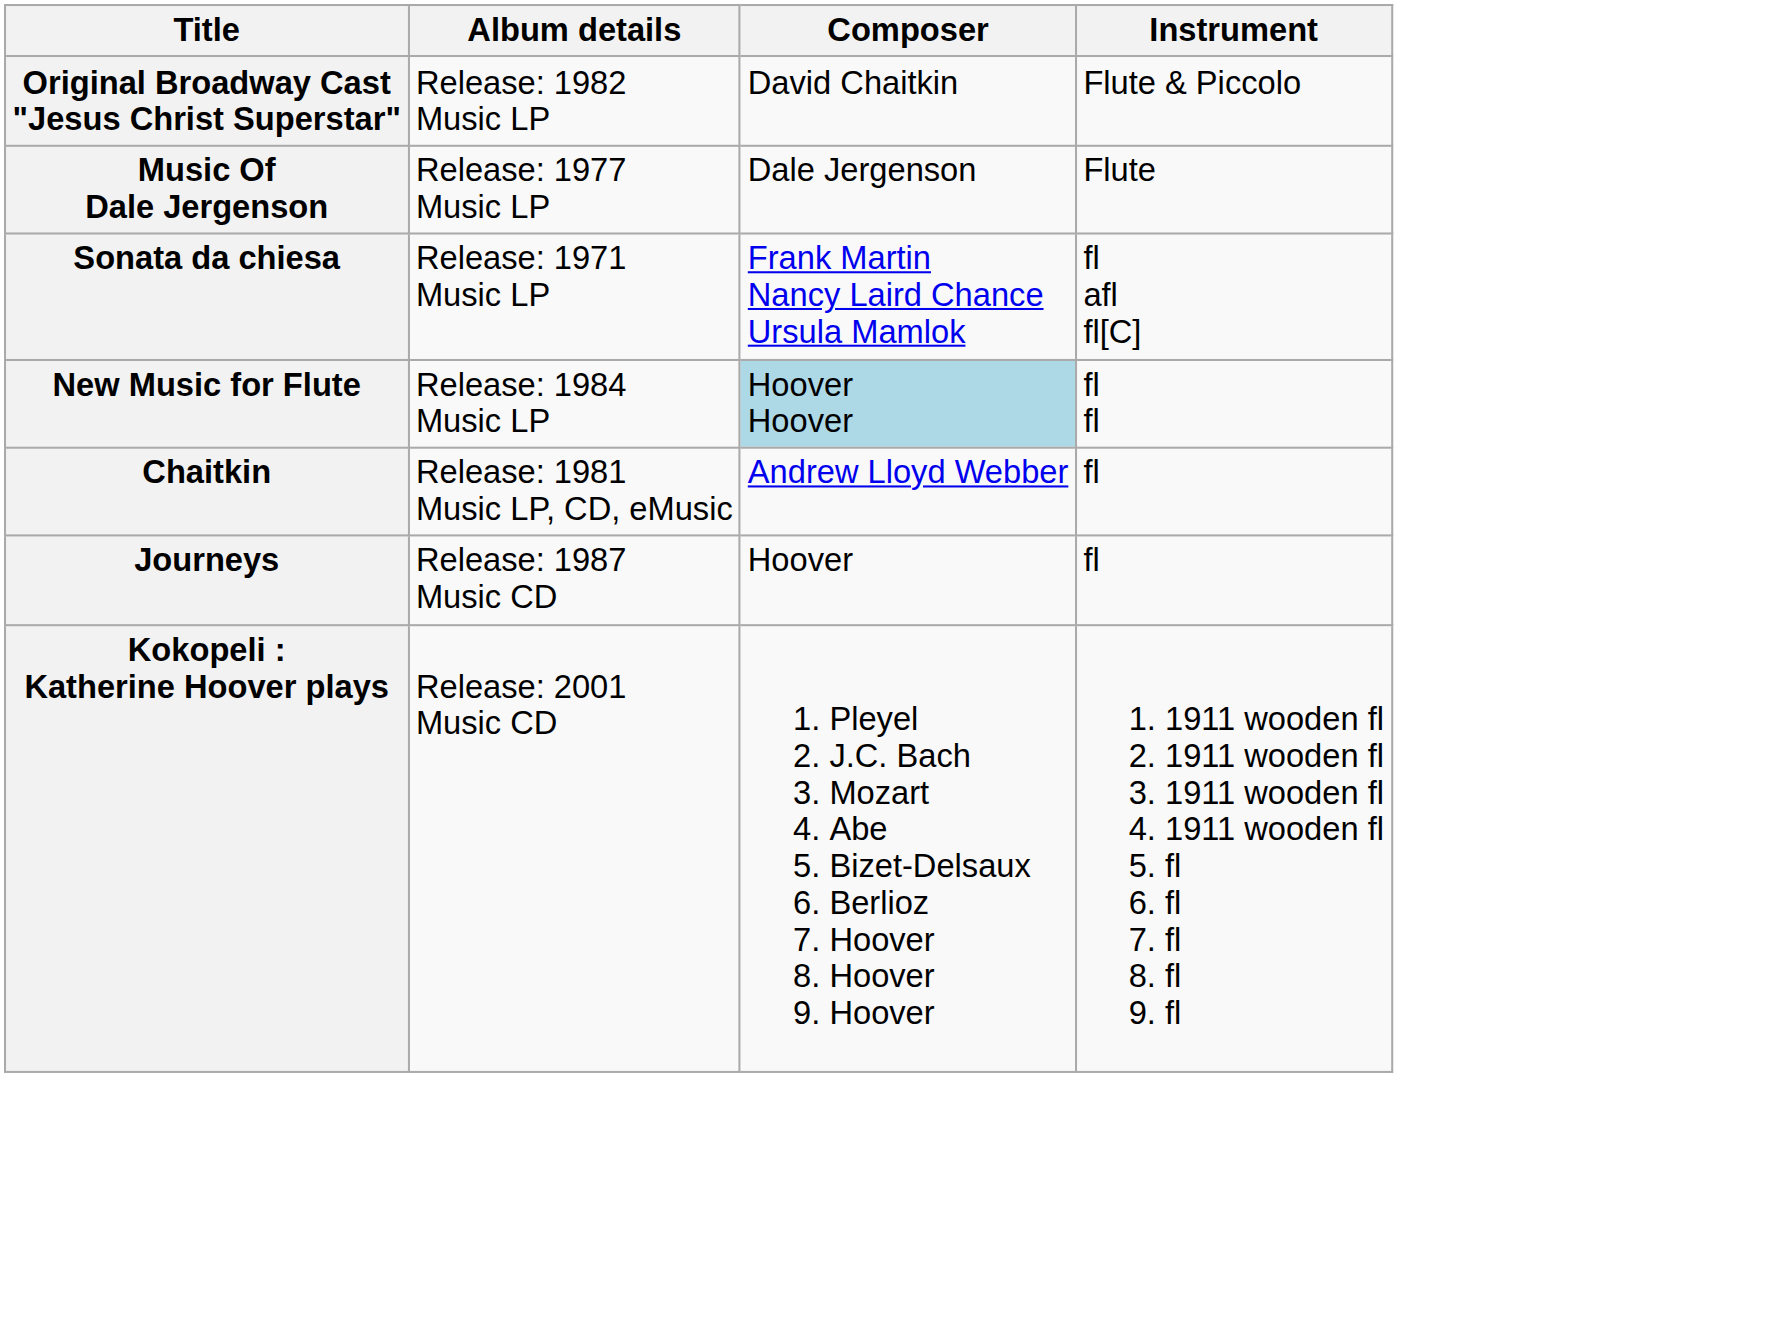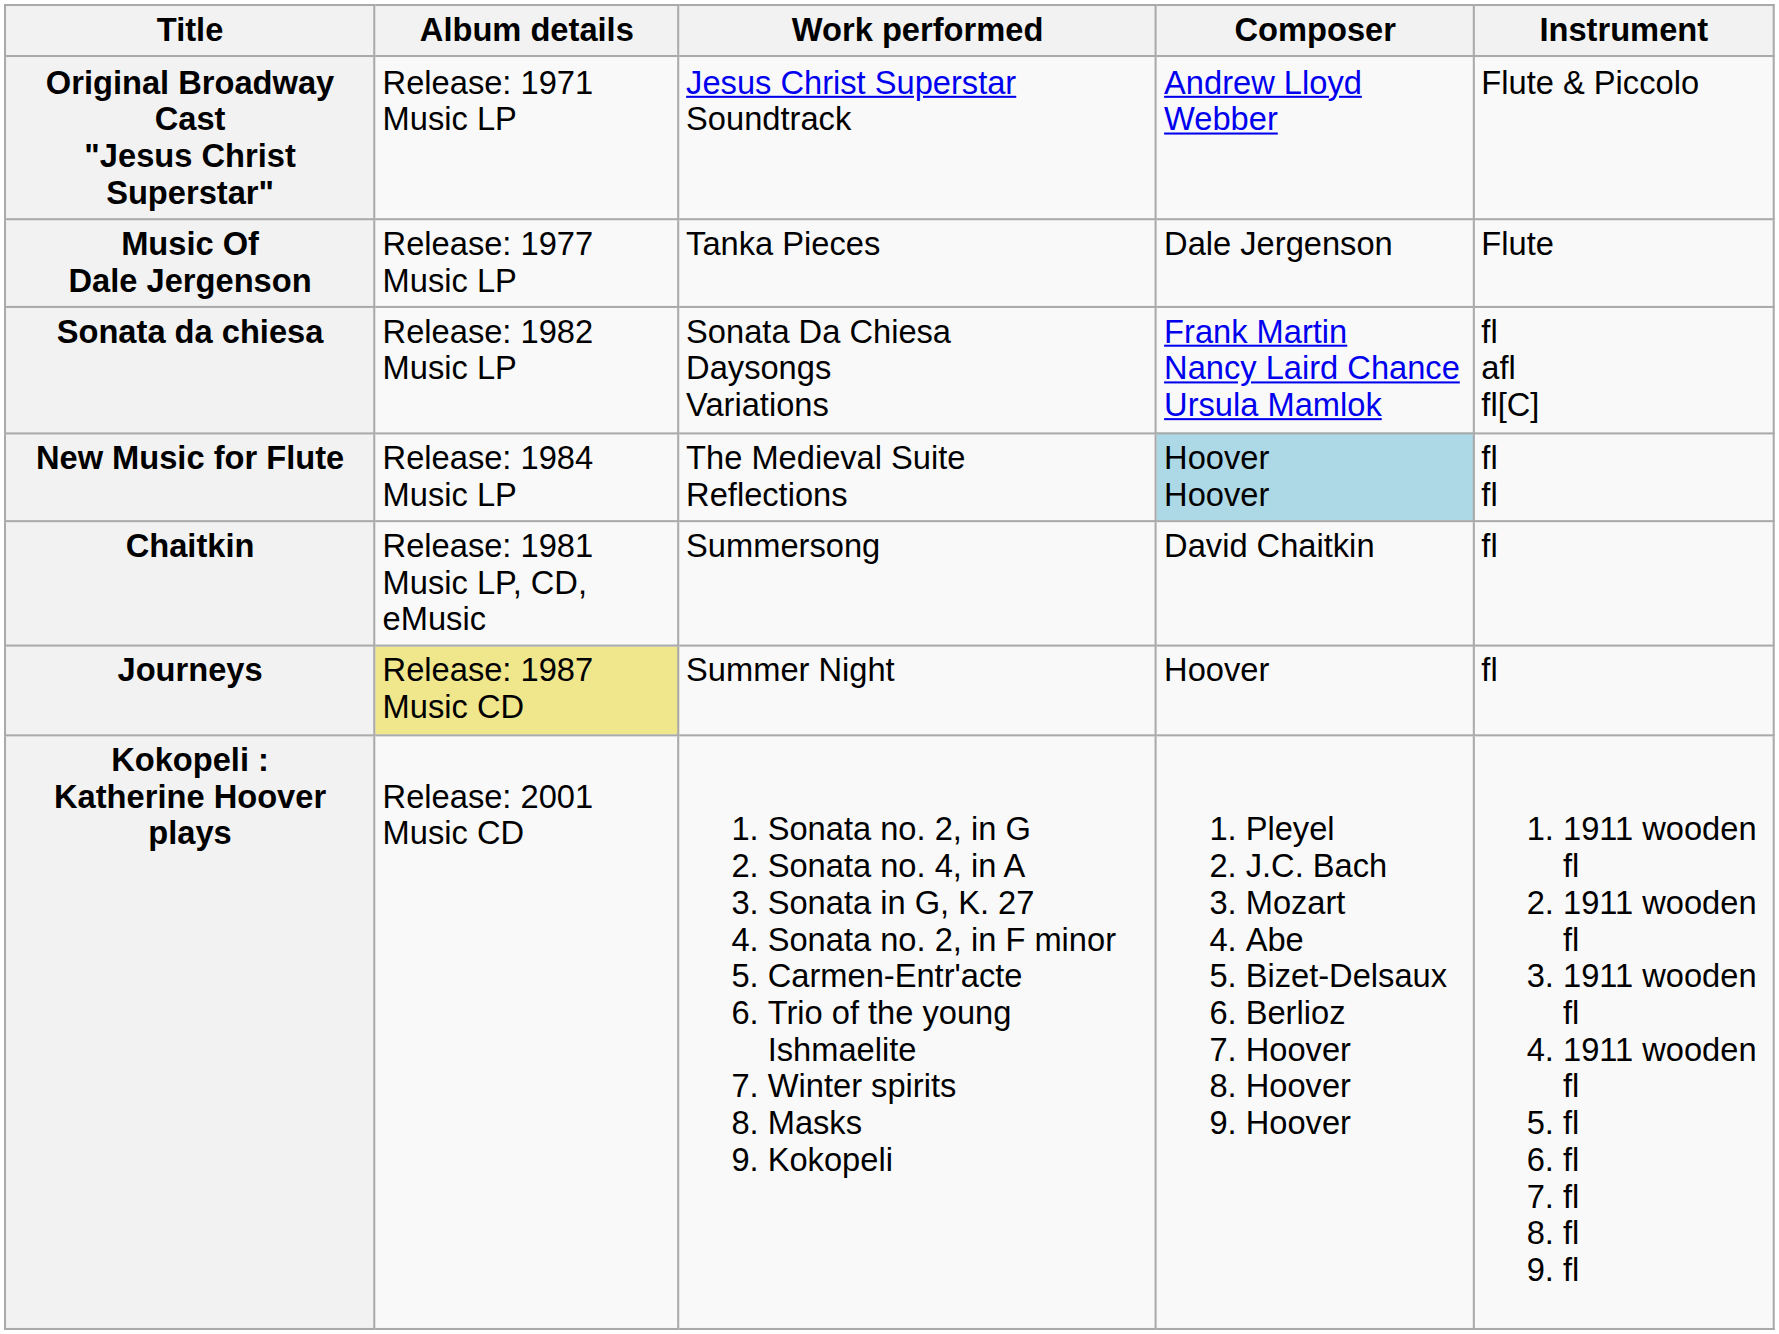 <table class="wikitable plainrowheaders" style="text-align:left;">
 <tr>
 <th scope="col">Title</th>
 <th scope="col">Album details</th>
+<th scope="col">Work performed</th>
 <th scope="col">Composer</th>
 <th scope="col">Instrument</th>
 </tr>
 <tr valign="top">
 <th scope="col">Original Broadway Cast<br>"Jesus Christ Superstar"</th>
-<td>Release: 1982<br>Music LP</td>
-<td>David Chaitkin</td>
+<td>Release: 1971<br>Music LP</td>
+<td><a href='#'>Jesus Christ Superstar</a> Soundtrack</td>
+<td><a href='#'>Andrew Lloyd Webber</a></td>
 <td>Flute & Piccolo</td>
 </tr>
 <tr valign="top">
 <th scope="col">Music Of<br>Dale Jergenson</th>
 <td>Release: 1977<br>Music LP</td>
+<td>Tanka Pieces</td>
 <td>Dale Jergenson</td>
 <td>Flute</td>
 </tr>
 <tr valign="top">
 <th scope="col">Sonata da chiesa</th>
-<td>Release: 1971<br>Music LP</td>
+<td>Release: 1982<br>Music LP</td>
+<td>Sonata Da Chiesa<br>Daysongs<br>Variations</td>
 <td><a href='#'>Frank Martin</a><br><a href='#'>Nancy Laird Chance</a><br><a href='#'>Ursula Mamlok</a></td>
 <td>fl<br>afl<br>fl[C]</td>
 </tr>
 <tr valign="top">
 <th scope="col">New Music for Flute</th>
 <td>Release: 1984<br>Music LP</td>
+<td>The Medieval Suite<br>Reflections</td>
 <td style="background: lightblue;">Hoover<br>Hoover</td>
 <td>fl<br>fl</td>
 </tr>
 <tr valign="top">
 <th scope="col">Chaitkin</th>
 <td>Release: 1981<br>Music LP, CD, eMusic</td>
-<td><a href='#'>Andrew Lloyd Webber</a></td>
+<td>Summersong</td>
+<td>David Chaitkin</td>
 <td>fl</td>
 </tr>
 <tr valign="top">
 <th scope="col">Journeys</th>
-<td>Release: 1987<br>Music CD</td>
+<td style="background: khaki;">Release: 1987<br>Music CD</td>
+<td>Summer Night</td>
 <td>Hoover</td>
 <td>fl</td>
 </tr>
 <tr valign="top">
 <th scope="col">Kokopeli :<br>Katherine Hoover plays</th>
 <td><br>Release: 2001<br>Music CD</td>
+<td><br><ol><li>Sonata no. 2, in G</li><li>Sonata no. 4, in A</li><li>Sonata in G, K. 27</li><li>Sonata no. 2, in F minor</li><li>Carmen-Entr'acte</li><li>Trio of the young Ishmaelite</li><li>Winter spirits</li><li>Masks</li><li>Kokopeli</li></ol></td>
 <td><br><ol><li>Pleyel</li><li>J.C. Bach</li><li>Mozart</li><li>Abe</li><li>Bizet-Delsaux</li><li>Berlioz</li><li>Hoover</li><li>Hoover</li><li>Hoover</li></ol></td>
 <td><br><ol><li>1911 wooden fl</li><li>1911 wooden fl</li><li>1911 wooden fl</li><li>1911 wooden fl</li><li>fl</li><li>fl</li><li>fl</li><li>fl</li><li>fl</li></ol></td>
 </tr>
 </table>
